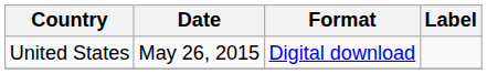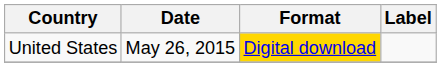 <table class="wikitable">
 <tr>
 <th>Country</th>
 <th>Date</th>
 <th>Format</th>
 <th>Label</th>
 </tr>
 <tr>
 <td>United States</td>
 <td>May 26, 2015</td>
-<td><a href='#'>Digital download</a></td>
+<td style="background: gold;"><a href='#'>Digital download</a></td>
 <td></td>
 </tr>
 <tr>
 </tr>
 </table>
